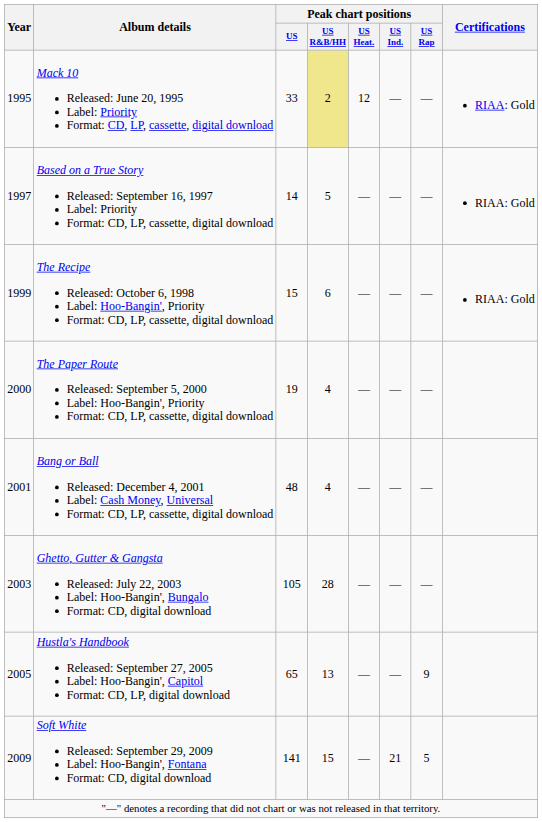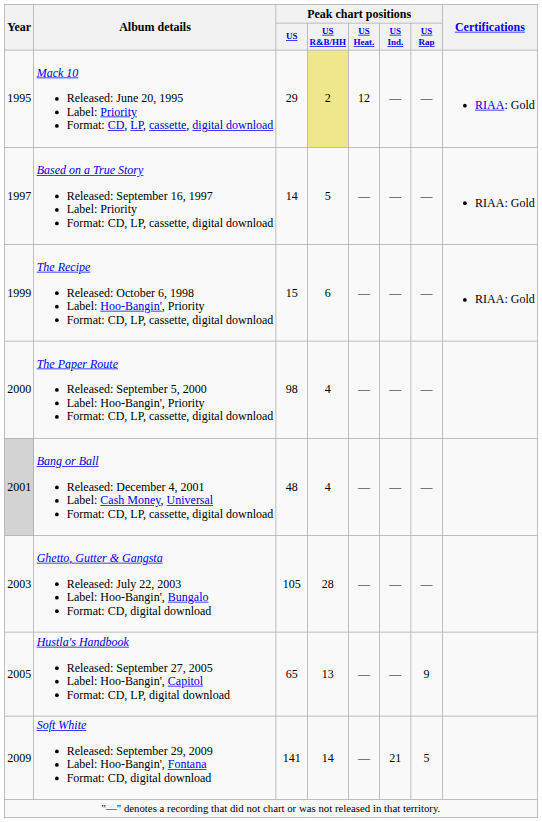 <table class="wikitable">
 <tr>
 <th rowspan="2">Year</th>
 <th rowspan="2">Album details</th>
 <th colspan="5">Peak chart positions</th>
 <th rowspan="2"><a href='#'>Certifications</a></th>
 </tr>
 <tr>
 <th style="width:3em;font-size:75%"><a href='#'>US</a><br></th>
 <th style="width:3em;font-size:75%"><a href='#'>US<br>R&B/HH</a><br></th>
 <th style="width:3em;font-size:75%"><a href='#'>US<br>Heat.</a><br></th>
 <th style="width:3em;font-size:75%"><a href='#'>US<br>Ind.</a><br></th>
 <th style="width:3em;font-size:75%"><a href='#'>US<br>Rap</a><br></th>
 </tr>
 <tr>
 <td>1995</td>
 <td><br><em><a href='#'>Mack 10</a></em><ul><li>Released: June 20, 1995</li><li>Label: <a href='#'>Priority</a></li><li>Format: <a href='#'>CD</a>, <a href='#'>LP</a>, <a href='#'>cassette</a>, <a href='#'>digital download</a></li></ul></td>
-<td style="text-align:center;">33</td>
+<td style="text-align:center;">29</td>
 <td style="background: khaki; text-align:center;">2</td>
 <td style="text-align:center;">12</td>
 <td style="text-align:center;">—</td>
 <td style="text-align:center;">—</td>
 <td><br><ul><li><a href='#'>RIAA</a>: Gold</li></ul></td>
 </tr>
 <tr>
 <td>1997</td>
 <td><br><em><a href='#'>Based on a True Story</a></em><ul><li>Released: September 16, 1997</li><li>Label: Priority</li><li>Format: CD, LP, cassette, digital download</li></ul></td>
 <td style="text-align:center;">14</td>
 <td style="text-align:center;">5</td>
 <td style="text-align:center;">—</td>
 <td style="text-align:center;">—</td>
 <td style="text-align:center;">—</td>
 <td><br><ul><li>RIAA: Gold</li></ul></td>
 </tr>
 <tr>
 <td>1999</td>
 <td><br><em><a href='#'>The Recipe</a></em><ul><li>Released: October 6, 1998</li><li>Label: <a href='#'>Hoo-Bangin'</a>, Priority</li><li>Format: CD, LP, cassette, digital download</li></ul></td>
 <td style="text-align:center;">15</td>
 <td style="text-align:center;">6</td>
 <td style="text-align:center;">—</td>
 <td style="text-align:center;">—</td>
 <td style="text-align:center;">—</td>
 <td><br><ul><li>RIAA: Gold</li></ul></td>
 </tr>
 <tr>
 <td>2000</td>
 <td><br><em><a href='#'>The Paper Route</a></em><ul><li>Released: September 5, 2000</li><li>Label: Hoo-Bangin', Priority</li><li>Format: CD, LP, cassette, digital download</li></ul></td>
-<td style="text-align:center;">19</td>
+<td style="text-align:center;">98</td>
 <td style="text-align:center;">4</td>
 <td style="text-align:center;">—</td>
 <td style="text-align:center;">—</td>
 <td style="text-align:center;">—</td>
 <td></td>
 </tr>
 <tr>
-<td>2001</td>
+<td style="background: lightgrey;">2001</td>
 <td><br><em><a href='#'>Bang or Ball</a></em><ul><li>Released: December 4, 2001</li><li>Label: <a href='#'>Cash Money</a>, <a href='#'>Universal</a></li><li>Format: CD, LP, cassette, digital download</li></ul></td>
 <td style="text-align:center;">48</td>
 <td style="text-align:center;">4</td>
 <td style="text-align:center;">—</td>
 <td style="text-align:center;">—</td>
 <td style="text-align:center;">—</td>
 <td></td>
 </tr>
 <tr>
 <td>2003</td>
 <td><br><em><a href='#'>Ghetto, Gutter & Gangsta</a></em><ul><li>Released: July 22, 2003</li><li>Label: Hoo-Bangin', <a href='#'>Bungalo</a></li><li>Format: CD, digital download</li></ul></td>
 <td style="text-align:center;">105</td>
 <td style="text-align:center;">28</td>
 <td style="text-align:center;">—</td>
 <td style="text-align:center;">—</td>
 <td style="text-align:center;">—</td>
 <td></td>
 </tr>
 <tr>
 <td>2005</td>
 <td><em><a href='#'>Hustla's Handbook</a></em><br><ul><li>Released: September 27, 2005</li><li>Label: Hoo-Bangin', <a href='#'>Capitol</a></li><li>Format: CD, LP, digital download</li></ul></td>
 <td style="text-align:center;">65</td>
 <td style="text-align:center;">13</td>
 <td style="text-align:center;">—</td>
 <td style="text-align:center;">—</td>
 <td style="text-align:center;">9</td>
 <td></td>
 </tr>
 <tr>
 <td>2009</td>
 <td><em><a href='#'>Soft White</a></em><br><ul><li>Released: September 29, 2009</li><li>Label: Hoo-Bangin', <a href='#'>Fontana</a></li><li>Format: CD, digital download</li></ul></td>
 <td style="text-align:center;">141</td>
-<td style="text-align:center;">15</td>
+<td style="text-align:center;">14</td>
 <td style="text-align:center;">—</td>
 <td style="text-align:center;">21</td>
 <td style="text-align:center;">5</td>
 <td></td>
 </tr>
 <tr>
 <td colspan="8" style="font-size:90%; text-align:center">"—" denotes a recording that did not chart or was not released in that territory.</td>
 </tr>
 </table>
